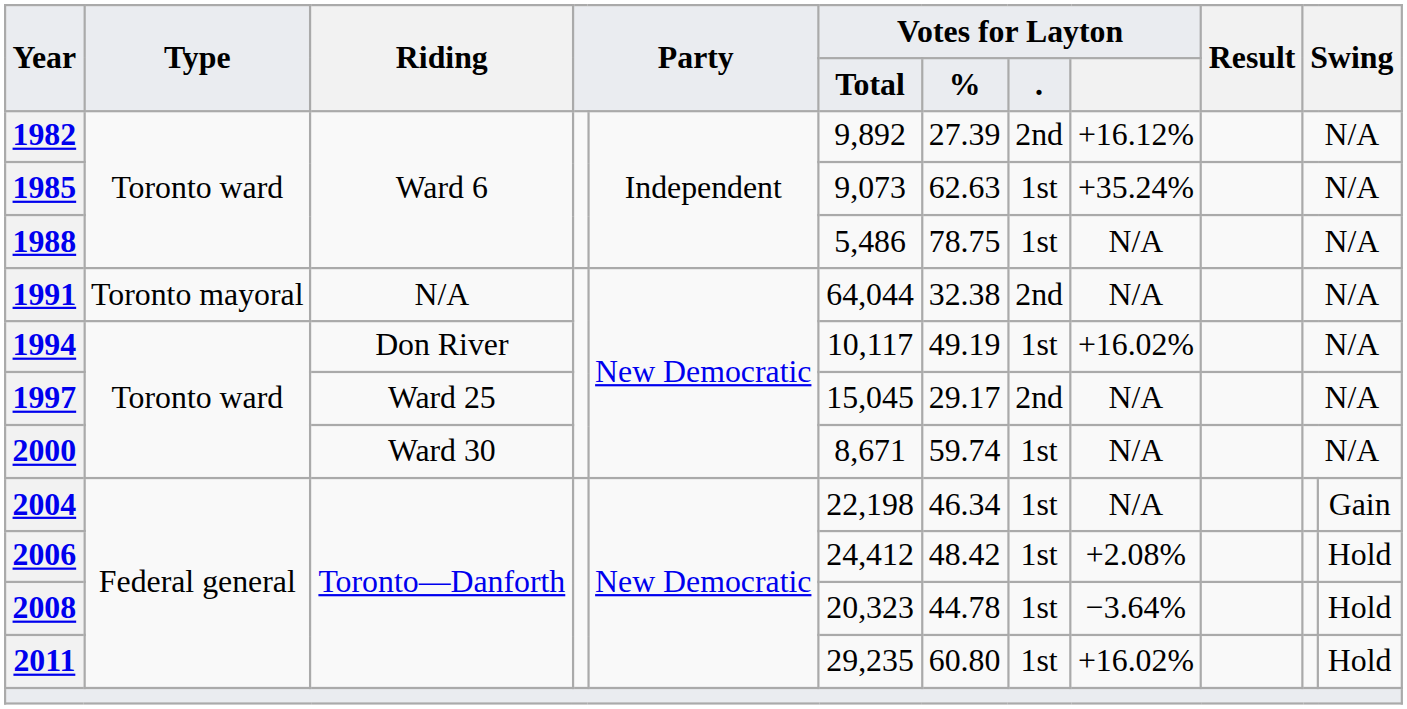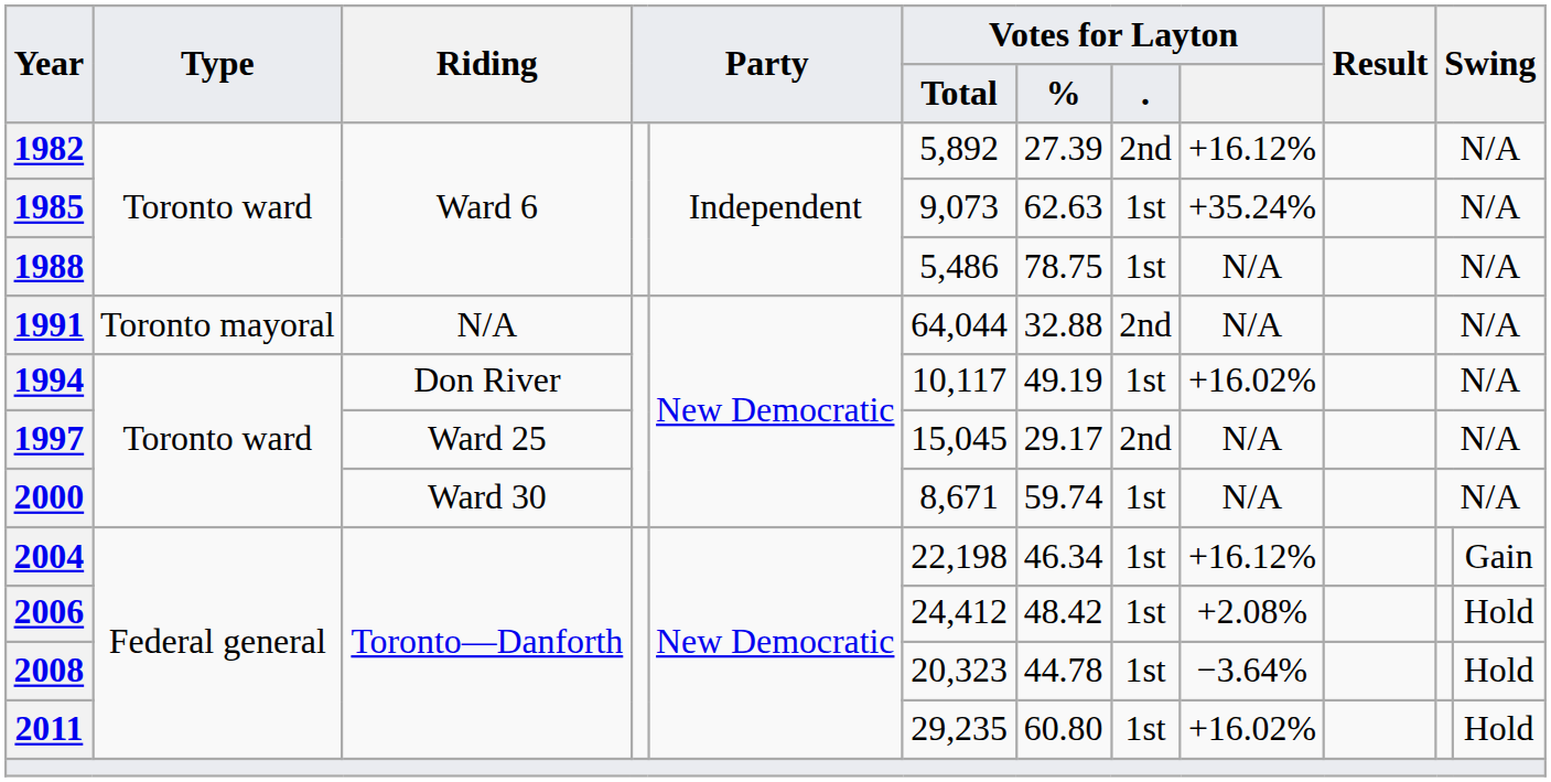 <table class="wikitable" style="font-size:90%; text-align:center;">
 <tr>
 <th rowspan="2" style="background:#eaecf0;">Year</th>
 <th rowspan="2" style="background:#eaecf0;">Type</th>
 <th rowspan="2">Riding</th>
 <th colspan="2" rowspan="2" style="background:#eaecf0;">Party</th>
 <th colspan="4" style="background:#eaecf0;">Votes for Layton</th>
 <th rowspan="2">Result</th>
 <th colspan="2" rowspan="2">Swing</th>
 </tr>
 <tr>
 <th style="background:#eaecf0;">Total</th>
 <th style="background:#eaecf0;">%</th>
 <th style="background:#eaecf0;">.</th>
 <th></th>
 </tr>
 <tr>
 <th><strong><a href='#'>1982</a></strong></th>
 <td rowspan="3">Toronto ward</td>
 <td rowspan="3">Ward 6</td>
 <td rowspan="3" style="background-color:"></td>
 <td rowspan="3">Independent</td>
-<td>9,892</td>
+<td>5,892</td>
 <td>27.39</td>
 <td>2nd</td>
 <td>+16.12%</td>
 <td></td>
 <td colspan="2">N/A</td>
 </tr>
 <tr>
 <th><strong><a href='#'>1985</a></strong></th>
 <td>9,073</td>
 <td>62.63</td>
 <td>1st</td>
 <td>+35.24%</td>
 <td></td>
 <td colspan="2">N/A</td>
 </tr>
 <tr>
 <th><strong><a href='#'>1988</a></strong></th>
 <td>5,486</td>
 <td>78.75</td>
 <td>1st</td>
 <td>N/A</td>
 <td></td>
 <td colspan="2">N/A</td>
 </tr>
 <tr>
 <th><strong><a href='#'>1991</a></strong></th>
 <td>Toronto mayoral</td>
 <td>N/A</td>
 <td rowspan="4" style="background-color:"></td>
 <td rowspan="4"><a href='#'>New Democratic</a></td>
 <td>64,044</td>
-<td>32.38</td>
+<td>32.88</td>
 <td>2nd</td>
 <td>N/A</td>
 <td></td>
 <td colspan="2">N/A</td>
 </tr>
 <tr>
 <th><strong><a href='#'>1994</a></strong></th>
 <td rowspan="3">Toronto ward</td>
 <td>Don River</td>
 <td>10,117</td>
 <td>49.19</td>
 <td>1st</td>
 <td>+16.02%</td>
 <td></td>
 <td colspan="2">N/A</td>
 </tr>
 <tr>
 <th><strong><a href='#'>1997</a></strong></th>
 <td>Ward 25</td>
 <td>15,045</td>
 <td>29.17</td>
 <td>2nd</td>
 <td>N/A</td>
 <td></td>
 <td colspan="2">N/A</td>
 </tr>
 <tr>
 <th><strong><a href='#'>2000</a></strong></th>
 <td>Ward 30</td>
 <td>8,671</td>
 <td>59.74</td>
 <td>1st</td>
 <td>N/A</td>
 <td></td>
 <td colspan="2">N/A</td>
 </tr>
 <tr>
 <th><a href='#'>2004</a></th>
 <td rowspan="4">Federal general</td>
 <td rowspan="4"><a href='#'>Toronto—Danforth</a></td>
 <td rowspan="4" style="background-color:"></td>
 <td rowspan="4"><a href='#'>New Democratic</a></td>
 <td>22,198</td>
 <td>46.34</td>
 <td>1st</td>
-<td>N/A</td>
+<td>+16.12%</td>
 <td></td>
 <td style="background-color:"></td>
 <td>Gain</td>
 </tr>
 <tr>
 <th><a href='#'>2006</a></th>
 <td>24,412</td>
 <td>48.42</td>
 <td>1st</td>
 <td>+2.08%</td>
 <td></td>
 <td style="background-color:"></td>
 <td>Hold</td>
 </tr>
 <tr>
 <th><a href='#'>2008</a></th>
 <td>20,323</td>
 <td>44.78</td>
 <td>1st</td>
 <td>−3.64%</td>
 <td></td>
 <td style="background-color:"></td>
 <td>Hold</td>
 </tr>
 <tr>
 <th><a href='#'>2011</a></th>
 <td>29,235</td>
 <td>60.80</td>
 <td>1st</td>
 <td>+16.02%</td>
 <td></td>
 <td style="background-color:"></td>
 <td>Hold</td>
 </tr>
 <tr>
 <th colspan="12" style="background:#eaecf0;"></th>
 </tr>
 </table>
